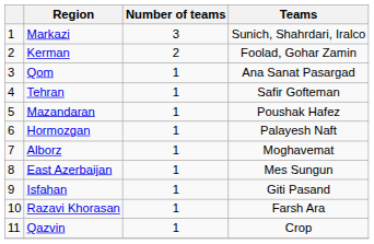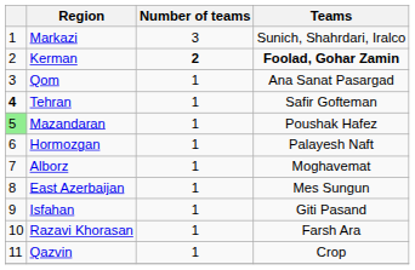 <table class="wikitable">
 <tr>
 <th></th>
 <th>Region</th>
 <th>Number of teams</th>
 <th>Teams</th>
 </tr>
 <tr>
 <td>1</td>
 <td><a href='#'>Markazi</a></td>
 <td align=center>3</td>
 <td align=center>Sunich, Shahrdari, Iralco</td>
 </tr>
 <tr>
 <td>2</td>
 <td><a href='#'>Kerman</a></td>
-<td align=center>2</td>
-<td align=center>Foolad, Gohar Zamin</td>
+<td align=center><strong>2</strong></td>
+<td align=center><strong>Foolad, Gohar Zamin</strong></td>
 </tr>
 <tr>
 <td>3</td>
 <td><a href='#'>Qom</a></td>
 <td align=center>1</td>
 <td align=center>Ana Sanat Pasargad</td>
 </tr>
 <tr>
-<td>4</td>
+<td><strong>4</strong></td>
 <td><a href='#'>Tehran</a></td>
 <td align=center>1</td>
 <td align=center>Safir Gofteman</td>
 </tr>
 <tr>
-<td>5</td>
+<td style="background: lightgreen;">5</td>
 <td><a href='#'>Mazandaran</a></td>
 <td align=center>1</td>
 <td align=center>Poushak Hafez</td>
 </tr>
 <tr>
 <td>6</td>
 <td><a href='#'>Hormozgan</a></td>
 <td align=center>1</td>
 <td align=center>Palayesh Naft</td>
 </tr>
 <tr>
 <td>7</td>
 <td><a href='#'>Alborz</a></td>
 <td align=center>1</td>
 <td align=center>Moghavemat</td>
 </tr>
 <tr>
 <td>8</td>
 <td><a href='#'>East Azerbaijan</a></td>
 <td align=center>1</td>
 <td align=center>Mes Sungun</td>
 </tr>
 <tr>
 <td>9</td>
 <td><a href='#'>Isfahan</a></td>
 <td align=center>1</td>
 <td align=center>Giti Pasand</td>
 </tr>
 <tr>
 <td>10</td>
 <td><a href='#'>Razavi Khorasan</a></td>
 <td align=center>1</td>
 <td align=center>Farsh Ara</td>
 </tr>
 <tr>
 <td>11</td>
 <td><a href='#'>Qazvin</a></td>
 <td align=center>1</td>
 <td align=center>Crop</td>
 </tr>
 <tr>
 </tr>
 </table>
